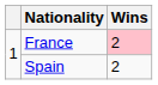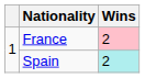 <table class="wikitable">
 <tr>
 <th></th>
 <th>Nationality</th>
 <th>Wins</th>
 </tr>
 <tr>
 <td rowspan="2">1</td>
 <td> <a href='#'>France</a></td>
 <td style="background: pink;">2</td>
 </tr>
 <tr>
 <td> <a href='#'>Spain</a></td>
-<td>2</td>
+<td style="background: paleturquoise;">2</td>
 </tr>
 </table>
